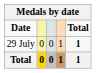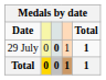 <table class="wikitable" style="font-size:85%">
 <tr bgcolor="#efefef">
 <th colspan=6>Medals by date</th>
 </tr>
 <tr align=center>
 <td><strong>Date</strong></td>
 <td bgcolor=#f7f6a8></td>
 <td bgcolor=#dce5e5></td>
 <td bgcolor=#ffdab9></td>
 <td><strong>Total</strong></td>
 </tr>
 <tr align=center>
 <td>29 July</td>
 <td style="background:#F7F6A8;">0</td>
-<td style="background:#DCE5E5;">0</td>
+<td style="background:#DCE5E5;"><strong>0</strong></td>
 <td style="background:#FFDAB9;">1</td>
 <td><strong>1</strong></td>
 </tr>
 <tr align=center>
 <th><strong>Total</strong></th>
 <th style="background:gold;"><strong>0</strong></th>
 <th style="background:silver;"><strong>0</strong></th>
 <th style="background:#c96;"><strong>1</strong></th>
 <th>1</th>
 </tr>
 </table>
